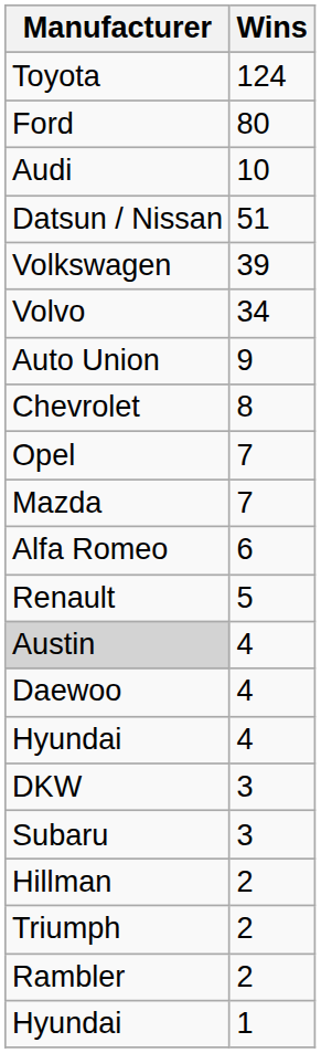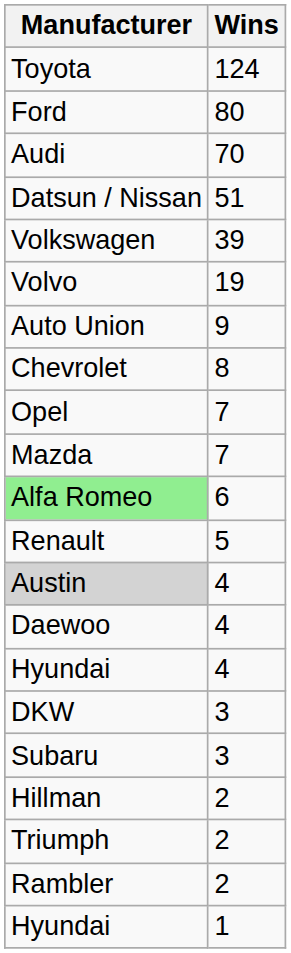 <table class="wikitable sortable">
 <tr>
 <th>Manufacturer</th>
 <th>Wins</th>
 </tr>
 <tr>
 <td>Toyota</td>
 <td>124</td>
 </tr>
 <tr>
 <td>Ford</td>
 <td>80</td>
 </tr>
 <tr>
 <td>Audi</td>
-<td>10</td>
+<td>70</td>
 </tr>
 <tr>
 <td>Datsun / Nissan</td>
 <td>51</td>
 </tr>
 <tr>
 <td>Volkswagen</td>
 <td>39</td>
 </tr>
 <tr>
 <td>Volvo</td>
-<td>34</td>
+<td>19</td>
 </tr>
 <tr>
 <td>Auto Union</td>
 <td>9</td>
 </tr>
 <tr>
 <td>Chevrolet</td>
 <td>8</td>
 </tr>
 <tr>
 <td>Opel</td>
 <td>7</td>
 </tr>
 <tr>
 <td>Mazda</td>
 <td>7</td>
 </tr>
 <tr>
-<td>Alfa Romeo</td>
+<td style="background: lightgreen;">Alfa Romeo</td>
 <td>6</td>
 </tr>
 <tr>
 <td>Renault</td>
 <td>5</td>
 </tr>
 <tr>
 <td style="background: lightgrey;">Austin</td>
 <td>4</td>
 </tr>
 <tr>
 <td>Daewoo</td>
 <td>4</td>
 </tr>
 <tr>
 <td>Hyundai</td>
 <td>4</td>
 </tr>
 <tr>
 <td>DKW</td>
 <td>3</td>
 </tr>
 <tr>
 <td>Subaru</td>
 <td>3</td>
 </tr>
 <tr>
 <td>Hillman</td>
 <td>2</td>
 </tr>
 <tr>
 <td>Triumph</td>
 <td>2</td>
 </tr>
 <tr>
 <td>Rambler</td>
 <td>2</td>
 </tr>
 <tr>
 <td>Hyundai</td>
 <td>1</td>
 </tr>
 </table>
